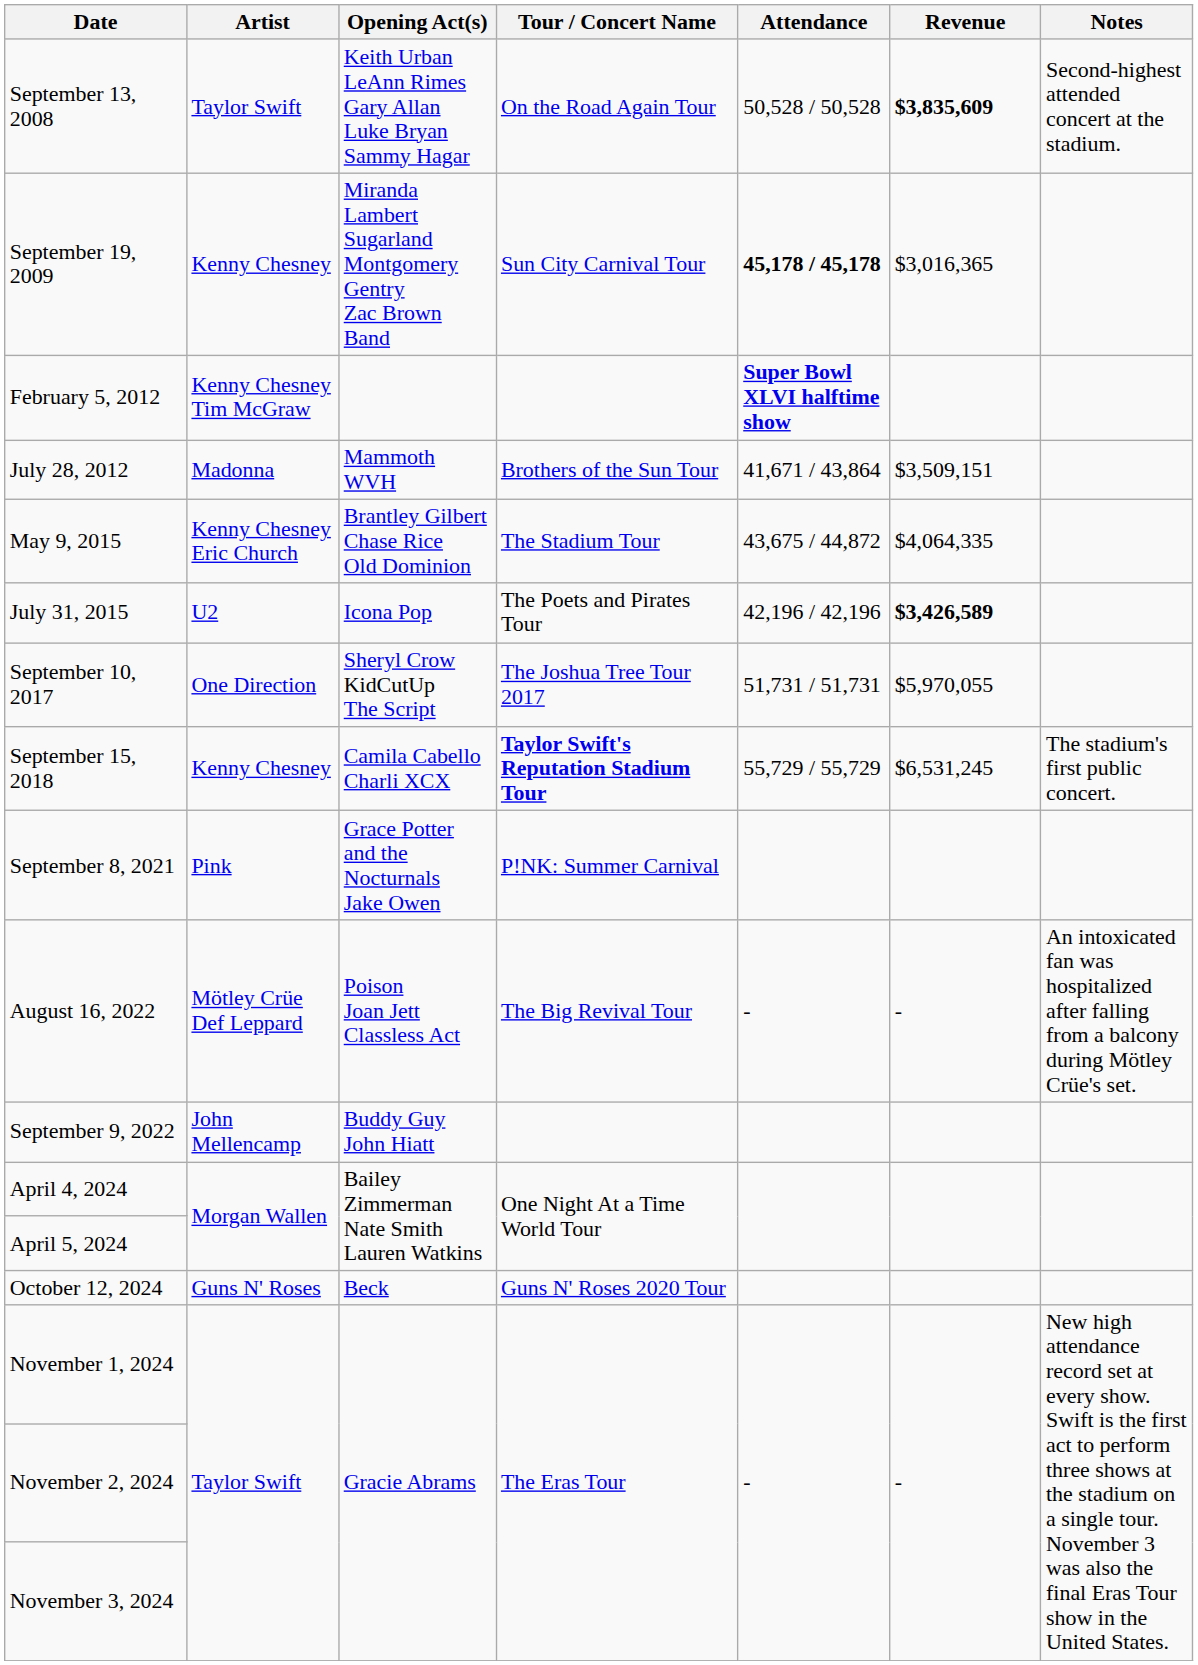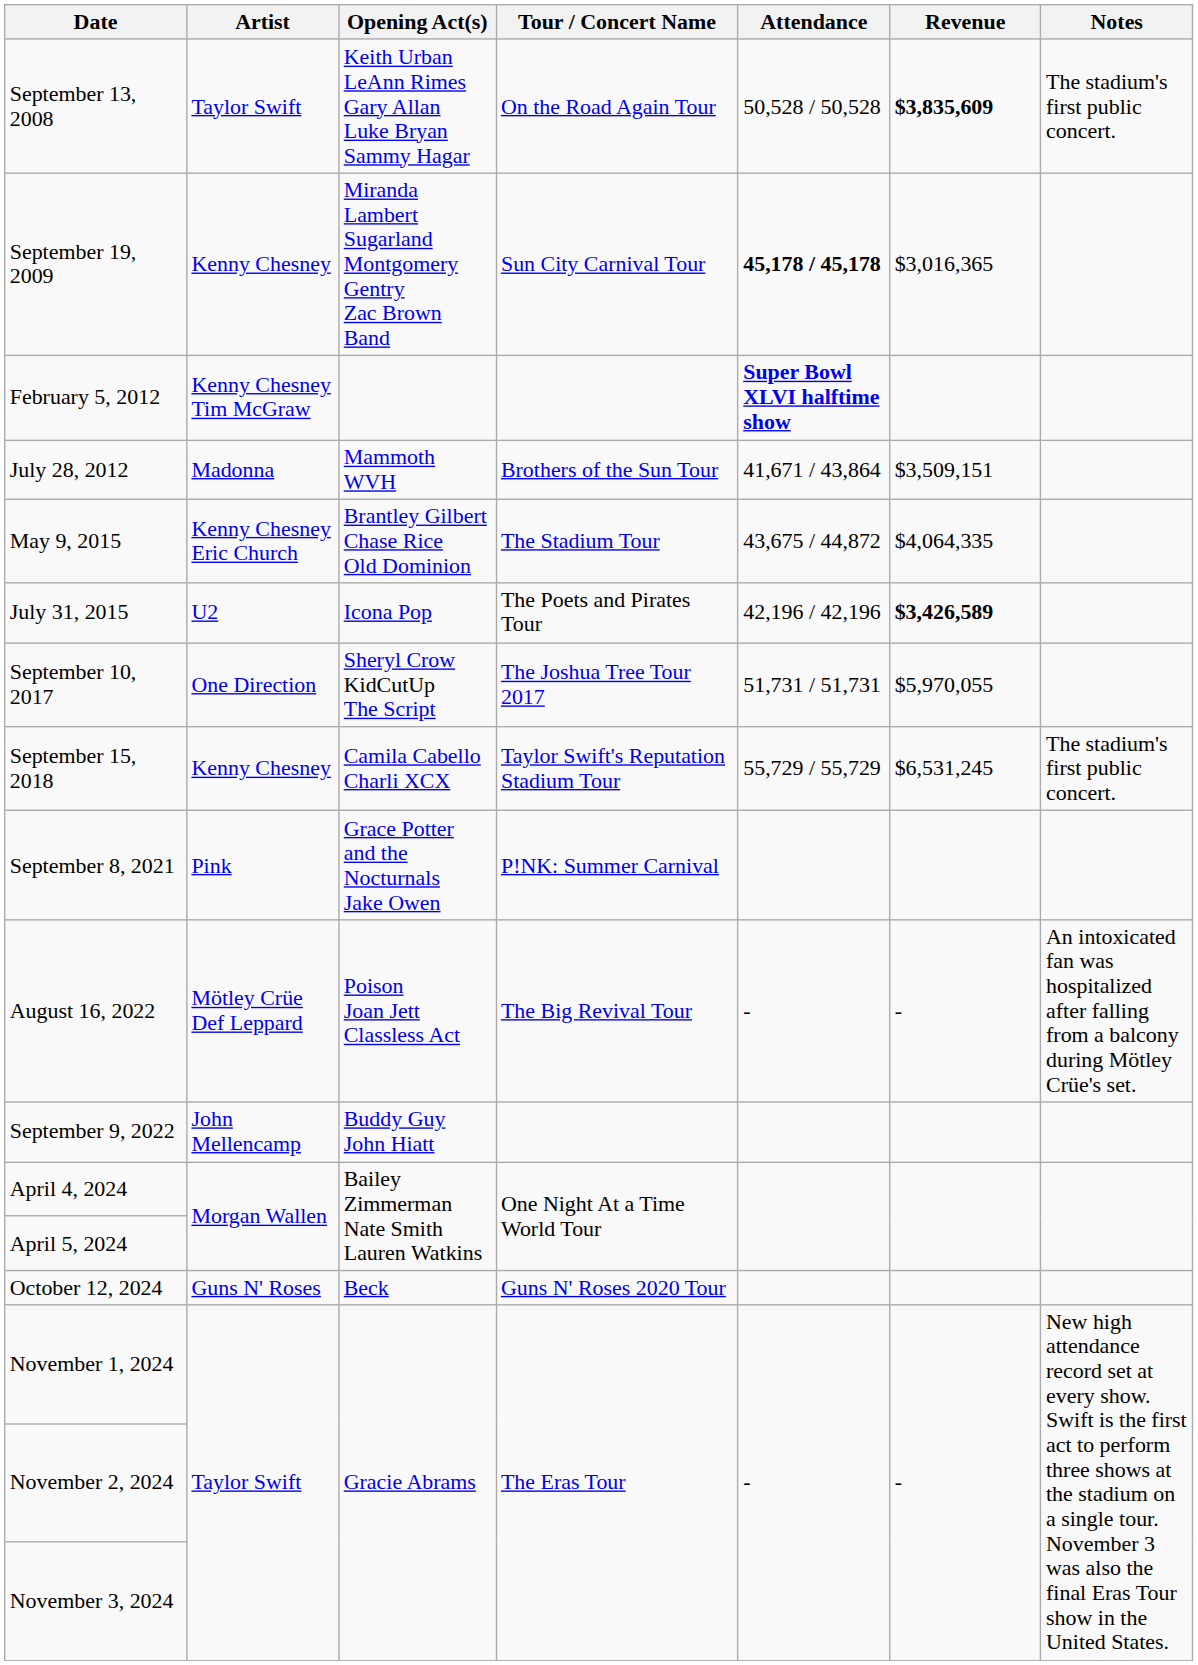 <table class="wikitable" style=font-size:100% style="text-align:center">
 <tr>
 <th width=12% style="text-align:center;">Date</th>
 <th width=10% style="text-align:center;">Artist</th>
 <th width=10% style="text-align:center;">Opening Act(s)</th>
 <th width=16% style="text-align:center;">Tour / Concert Name</th>
 <th width=10% style="text-align:center;">Attendance</th>
 <th width=10% style="text-align:center;">Revenue</th>
 <th width=10% style="text-align:center;">Notes</th>
 </tr>
 <tr>
 <td>September 13, 2008</td>
 <td><a href='#'>Taylor Swift</a></td>
 <td><a href='#'>Keith Urban</a><br><a href='#'>LeAnn Rimes</a><br><a href='#'>Gary Allan</a><br><a href='#'>Luke Bryan</a><br><a href='#'>Sammy Hagar</a></td>
 <td><a href='#'>On the Road Again Tour</a></td>
 <td>50,528 / 50,528</td>
 <td><strong>$3,835,609</strong></td>
-<td>Second-highest attended concert at the stadium.</td>
+<td>The stadium's first public concert.</td>
 </tr>
 <tr>
 <td>September 19, 2009</td>
 <td><a href='#'>Kenny Chesney</a></td>
 <td><a href='#'>Miranda Lambert</a><br><a href='#'>Sugarland</a><br><a href='#'>Montgomery Gentry</a><br><a href='#'>Zac Brown Band</a></td>
 <td><a href='#'>Sun City Carnival Tour</a></td>
 <td><strong>45,178 / 45,178</strong></td>
 <td>$3,016,365</td>
 <td></td>
 </tr>
 <tr>
 <td>February 5, 2012</td>
 <td><a href='#'>Kenny Chesney</a><br><a href='#'>Tim McGraw</a></td>
 <td></td>
 <td></td>
 <td><strong><a href='#'>Super Bowl XLVI halftime show</a></strong></td>
 <td></td>
 </tr>
 <tr>
 <td>July 28, 2012</td>
 <td><a href='#'>Madonna</a></td>
 <td><a href='#'>Mammoth WVH</a></td>
 <td><a href='#'>Brothers of the Sun Tour</a></td>
 <td>41,671 / 43,864</td>
 <td>$3,509,151</td>
 <td></td>
 </tr>
 <tr>
 <td>May 9, 2015</td>
 <td><a href='#'>Kenny Chesney</a><br><a href='#'>Eric Church</a></td>
 <td><a href='#'>Brantley Gilbert</a><br><a href='#'>Chase Rice</a><br><a href='#'>Old Dominion</a></td>
 <td><a href='#'>The Stadium Tour</a></td>
 <td>43,675 / 44,872</td>
 <td>$4,064,335</td>
 <td></td>
 </tr>
 <tr>
 <td>July 31, 2015</td>
 <td><a href='#'>U2</a></td>
 <td><a href='#'>Icona Pop</a></td>
 <td>The Poets and Pirates Tour</td>
 <td>42,196 / 42,196</td>
 <td><strong>$3,426,589</strong></td>
 <td></td>
 </tr>
 <tr>
 <td>September 10, 2017</td>
 <td><a href='#'>One Direction</a></td>
 <td><a href='#'>Sheryl Crow</a><br>KidCutUp<br><a href='#'>The Script</a></td>
 <td><a href='#'>The Joshua Tree Tour 2017</a></td>
 <td>51,731 / 51,731</td>
 <td>$5,970,055</td>
 <td></td>
 </tr>
 <tr>
 <td>September 15, 2018</td>
 <td><a href='#'>Kenny Chesney</a></td>
 <td><a href='#'>Camila Cabello</a><br><a href='#'>Charli XCX</a></td>
-<td><strong><a href='#'>Taylor Swift's Reputation Stadium Tour</a></strong></td>
+<td><a href='#'>Taylor Swift's Reputation Stadium Tour</a></td>
 <td>55,729 / 55,729</td>
 <td>$6,531,245</td>
 <td>The stadium's first public concert.</td>
 </tr>
 <tr>
 <td>September 8, 2021</td>
 <td><a href='#'>Pink</a></td>
 <td><a href='#'>Grace Potter and the Nocturnals</a><br><a href='#'>Jake Owen</a></td>
 <td><a href='#'>P!NK: Summer Carnival</a></td>
 <td></td>
 <td></td>
 <td></td>
 </tr>
 <tr>
 <td>August 16, 2022</td>
 <td><a href='#'>Mötley Crüe</a><br> <a href='#'>Def Leppard</a></td>
 <td><a href='#'>Poison</a><br><a href='#'>Joan Jett</a><br><a href='#'>Classless Act</a></td>
 <td><a href='#'>The Big Revival Tour</a></td>
 <td>-</td>
 <td>-</td>
 <td>An intoxicated fan was hospitalized after falling from a balcony during Mötley Crüe's set.</td>
 </tr>
 <tr>
 <td>September 9, 2022</td>
 <td><a href='#'>John Mellencamp</a></td>
 <td><a href='#'>Buddy Guy</a> <a href='#'>John Hiatt</a></td>
 <td></td>
 <td></td>
 <td></td>
 <td></td>
 </tr>
 <tr>
 <td>April 4, 2024</td>
 <td rowspan="2"><a href='#'>Morgan Wallen</a></td>
 <td rowspan="2">Bailey Zimmerman<br>Nate Smith<br>Lauren Watkins</td>
 <td rowspan="2">One Night At a Time World Tour</td>
 <td rowspan="2"></td>
 <td rowspan="2"></td>
 <td rowspan="2"></td>
 </tr>
 <tr>
 <td>April 5, 2024</td>
 </tr>
 <tr>
 <td>October 12, 2024</td>
 <td><a href='#'>Guns N' Roses</a></td>
 <td><a href='#'>Beck</a></td>
 <td><a href='#'>Guns N' Roses 2020 Tour</a></td>
 <td></td>
 <td></td>
 <td></td>
 </tr>
 <tr>
 <td>November 1, 2024</td>
 <td rowspan=3><a href='#'>Taylor Swift</a></td>
 <td rowspan="3"><a href='#'>Gracie Abrams</a></td>
 <td rowspan=3><a href='#'>The Eras Tour</a></td>
 <td rowspan=3>-</td>
 <td rowspan=3>-</td>
 <td rowspan=3>New high attendance record set at every show. Swift is the first act to perform three shows at the stadium on a single tour. November 3 was also the final Eras Tour show in the United States.</td>
 </tr>
 <tr>
 <td>November 2, 2024</td>
 </tr>
 <tr>
 <td>November 3, 2024</td>
 </tr>
 <tr>
 </tr>
 </table>
